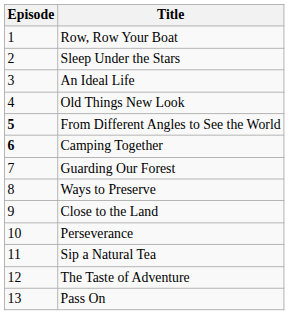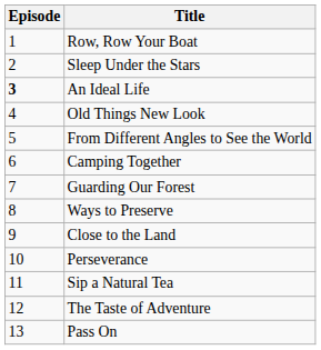 <table class="wikitable">
 <tr>
 <th>Episode</th>
 <th>Title</th>
 </tr>
 <tr>
 <td>1</td>
 <td>Row, Row Your Boat</td>
 </tr>
 <tr>
 <td>2</td>
 <td>Sleep Under the Stars</td>
 </tr>
 <tr>
-<td>3</td>
+<td><strong>3</strong></td>
 <td>An Ideal Life</td>
 </tr>
 <tr>
 <td>4</td>
 <td>Old Things  New Look</td>
 </tr>
 <tr>
-<td><strong>5</strong></td>
+<td>5</td>
 <td>From Different Angles to See the World</td>
 </tr>
 <tr>
-<td><strong>6</strong></td>
+<td>6</td>
 <td>Camping  Together</td>
 </tr>
 <tr>
 <td>7</td>
 <td>Guarding Our Forest</td>
 </tr>
 <tr>
 <td>8</td>
 <td>Ways to Preserve</td>
 </tr>
 <tr>
 <td>9</td>
 <td>Close to the Land</td>
 </tr>
 <tr>
 <td>10</td>
 <td>Perseverance</td>
 </tr>
 <tr>
 <td>11</td>
 <td>Sip a Natural Tea</td>
 </tr>
 <tr>
 <td>12</td>
 <td>The Taste of  Adventure</td>
 </tr>
 <tr>
 <td>13</td>
 <td>Pass On</td>
 </tr>
 </table>
